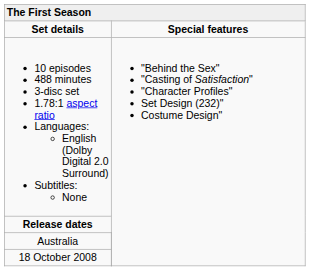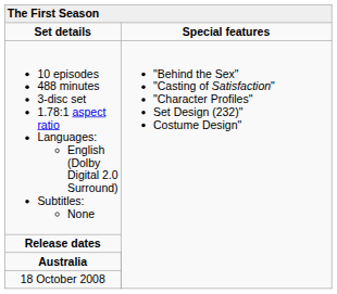 <table class="wikitable" width="70%" style="font-size: 95%;">
 <tr style="background:#EFEFEF">
 <td colspan="6"><strong>The First Season</strong></td>
 </tr>
 <tr>
 <td align="center" width="300" colspan="3"><strong>Set details</strong></td>
 <td width="400" align="center"><strong>Special features</strong></td>
 </tr>
 <tr valign="top">
 <td colspan="3" align="left" width="300"><br><ul><li>10 episodes</li><li>488 minutes</li><li>3-disc set</li><li>1.78:1 <a href='#'>aspect ratio</a></li><li>Languages:<ul><li>English (Dolby Digital 2.0 Surround)</li></ul></li><li>Subtitles:<ul><li>None</li></ul></li></ul></td>
 <td rowspan="4" align="left" width="400"><br><ul><li>"Behind the Sex"</li><li>"Casting of <em>Satisfaction</em>"</li><li>"Character Profiles"</li><li>Set Design (232)"</li><li>Costume Design"</li></ul></td>
 </tr>
 <tr>
 <td colspan="3" align="center"><strong>Release dates</strong></td>
 </tr>
 <tr>
-<td align="center">Australia</td>
+<td align="center"><strong>Australia</strong></td>
 </tr>
 <tr>
 <td align="center">18 October 2008</td>
 </tr>
 </table>
